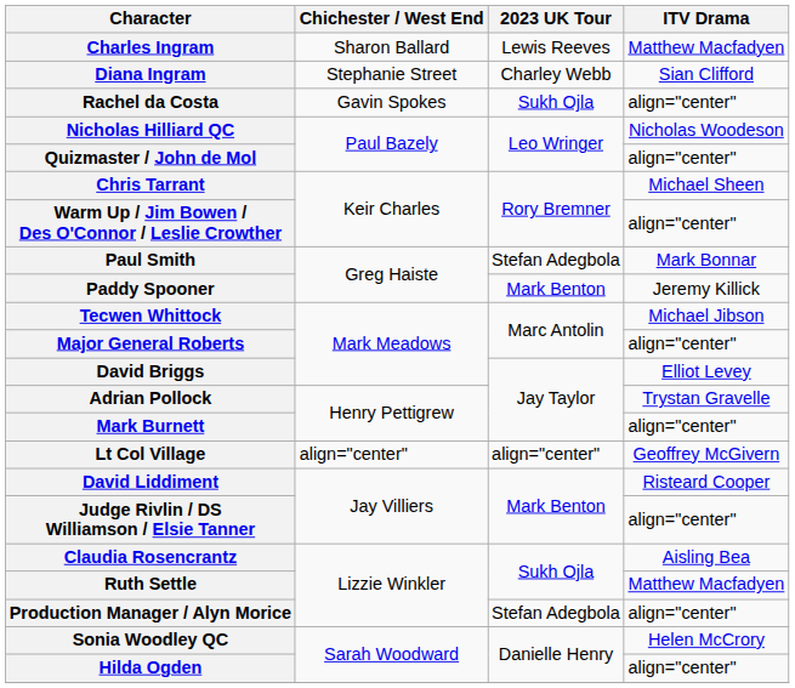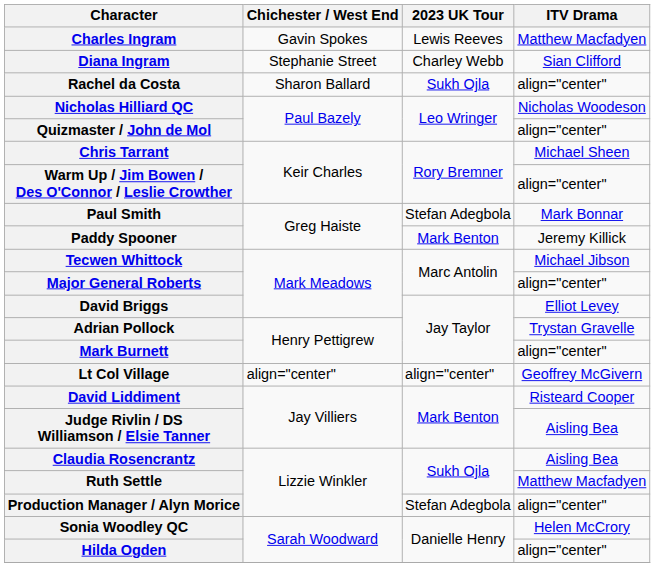 <table class="wikitable">
 <tr>
 <th scope="col">Character</th>
 <th scope="col" class="unsortable">Chichester / West End </th>
 <th>2023 UK Tour</th>
 <th>ITV Drama</th>
 </tr>
 <tr>
 <th scope="row"><a href='#'>Charles Ingram</a></th>
-<td align="center">Sharon Ballard</td>
+<td align="center">Gavin Spokes</td>
 <td align="center">Lewis Reeves</td>
 <td align="center"><a href='#'>Matthew Macfadyen</a></td>
 </tr>
 <tr>
 <th scope="row"><a href='#'>Diana Ingram</a></th>
 <td align="center">Stephanie Street</td>
 <td align="center">Charley Webb</td>
 <td align="center"><a href='#'>Sian Clifford</a></td>
 </tr>
 <tr>
 <th scope="row">Rachel da Costa</th>
-<td align="center">Gavin Spokes</td>
+<td align="center">Sharon Ballard</td>
 <td align="center"><a href='#'>Sukh Ojla</a></td>
 <td>align="center" </td>
 </tr>
 <tr>
 <th scope="row"><a href='#'>Nicholas Hilliard QC</a></th>
 <td rowspan="2" style="text-align: center;"><a href='#'>Paul Bazely</a></td>
 <td rowspan="2" align="center"><a href='#'>Leo Wringer</a></td>
 <td align="center"><a href='#'>Nicholas Woodeson</a></td>
 </tr>
 <tr>
 <th scope="row">Quizmaster / <a href='#'>John de Mol</a></th>
 <td>align="center" </td>
 </tr>
 <tr>
 <th scope="row"><a href='#'>Chris Tarrant</a></th>
 <td rowspan="2" style="text-align: center;">Keir Charles</td>
 <td rowspan="2" style="text-align: center;"><a href='#'>Rory Bremner</a></td>
 <td align="center"><a href='#'>Michael Sheen</a></td>
 </tr>
 <tr>
 <th scope="row">Warm Up / <a href='#'>Jim Bowen</a> / <br><a href='#'>Des O'Connor</a> / <a href='#'>Leslie Crowther</a></th>
 <td>align="center" </td>
 </tr>
 <tr>
 <th scope="row">Paul Smith</th>
 <td rowspan="2" style="text-align: center;">Greg Haiste</td>
 <td style="text-align: center;">Stefan Adegbola</td>
 <td align="center"><a href='#'>Mark Bonnar</a></td>
 </tr>
 <tr>
 <th scope="row">Paddy Spooner</th>
 <td align="center"><a href='#'>Mark Benton</a></td>
 <td align="center">Jeremy Killick</td>
 </tr>
 <tr>
 <th scope="row"><a href='#'>Tecwen Whittock</a></th>
 <td rowspan="3" style="text-align: center;"><a href='#'>Mark Meadows</a></td>
 <td rowspan="2" style="text-align: center;">Marc Antolin</td>
 <td align="center"><a href='#'>Michael Jibson</a></td>
 </tr>
 <tr>
 <th scope="row"><a href='#'>Major General Roberts</a></th>
 <td>align="center" </td>
 </tr>
 <tr>
 <th scope="row">David Briggs</th>
 <td rowspan="3" style="text-align: center;">Jay Taylor</td>
 <td align="center"><a href='#'>Elliot Levey</a></td>
 </tr>
 <tr>
 <th scope="row">Adrian Pollock</th>
 <td rowspan="2" style="text-align: center;">Henry Pettigrew</td>
 <td align="center"><a href='#'>Trystan Gravelle</a></td>
 </tr>
 <tr>
 <th scope="row"><a href='#'>Mark Burnett</a></th>
 <td>align="center" </td>
 </tr>
 <tr>
 <th scope="row">Lt Col Village</th>
 <td>align="center" </td>
 <td>align="center" </td>
 <td align="center"><a href='#'>Geoffrey McGivern</a></td>
 </tr>
 <tr>
 <th scope="row"><a href='#'>David Liddiment</a></th>
 <td rowspan="2" style="text-align: center;">Jay Villiers</td>
 <td rowspan="2" style="text-align: center;"><a href='#'>Mark Benton</a></td>
 <td align="center"><a href='#'>Risteard Cooper</a></td>
 </tr>
 <tr>
 <th scope="row">Judge Rivlin / DS <br>Williamson / <a href='#'>Elsie Tanner</a></th>
-<td>align="center" </td>
+<td align="center"><a href='#'>Aisling Bea</a></td>
 </tr>
 <tr>
 <th scope="row"><a href='#'>Claudia Rosencrantz</a></th>
 <td rowspan="3" style="text-align: center;">Lizzie Winkler</td>
 <td rowspan="2" style="text-align: center;"><a href='#'>Sukh Ojla</a></td>
 <td align="center"><a href='#'>Aisling Bea</a></td>
 </tr>
 <tr>
 <th scope="row">Ruth Settle</th>
 <td align="center"><a href='#'>Matthew Macfadyen</a></td>
 </tr>
 <tr>
 <th scope="row">Production Manager / Alyn Morice</th>
 <td style="text-align: center;">Stefan Adegbola</td>
 <td>align="center" </td>
 </tr>
 <tr>
 <th scope="row">Sonia Woodley QC</th>
 <td rowspan="2" style="text-align: center;"><a href='#'>Sarah Woodward</a></td>
 <td rowspan="2" style="text-align: center;">Danielle Henry</td>
 <td align="center"><a href='#'>Helen McCrory</a></td>
 </tr>
 <tr>
 <th scope="row"><a href='#'>Hilda Ogden</a></th>
 <td>align="center" </td>
 </tr>
 <tr>
 </tr>
 </table>
